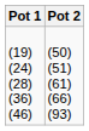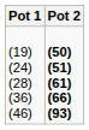 <table class="wikitable">
 <tr>
 <th width="50%">Pot 1</th>
 <th width="50%">Pot 2</th>
 </tr>
 <tr valign="top">
 <td><br> (19)<br>  (24)<br>  (28)<br>  (36)<br>  (46)<br></td>
-<td><br> (50)<br>  (51)<br>  (61)<br>  (66)<br>  (93)<br></td>
+<td><strong><br> (50)<br>  (51)<br>  (61)<br>  (66)<br>  (93)<br></strong></td>
 </tr>
 </table>
